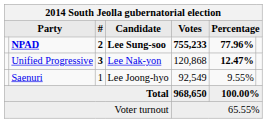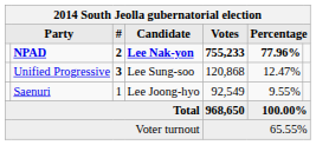 <table class="wikitable">
 <tr>
 <th colspan="7">2014 South Jeolla gubernatorial election</th>
 </tr>
 <tr>
 <th style="background-color:#E9E9E9" colspan=2>Party</th>
 <th style="background-color:#E9E9E9">#</th>
 <th style="background-color:#E9E9E9">Candidate</th>
 <th style="background-color:#E9E9E9">Votes</th>
 <th style="background-color:#E9E9E9" colspan=2>Percentage</th>
 </tr>
 <tr style="font-weight:bold">
 <td></td>
 <td align=left><a href='#'>NPAD</a></td>
 <td align=center>2</td>
-<td align=left>Lee Sung-soo</td>
+<td align=left><a href='#'>Lee Nak-yon</a></td>
 <td align=right>755,233</td>
 <td align=right>77.96%</td>
 <td align=right></td>
 </tr>
 <tr>
 <td></td>
 <td align=left><a href='#'>Unified Progressive</a></td>
 <td align=center><strong>3</strong></td>
-<td align=left><a href='#'>Lee Nak-yon</a></td>
+<td align=left>Lee Sung-soo</td>
 <td align=right>120,868</td>
-<td align=right><strong>12.47%</strong></td>
+<td align=right>12.47%</td>
 <td align=right></td>
 </tr>
 <tr>
 <td></td>
 <td align=left><a href='#'>Saenuri</a></td>
 <td align=center>1</td>
 <td align=left>Lee Joong-hyo</td>
 <td align=right>92,549</td>
 <td align=right>9.55%</td>
 <td align=right></td>
 </tr>
 <tr bgcolor="#EEEEEE" style="font-weight:bold">
 <td colspan="4" align=right>Total</td>
 <td align=right>968,650</td>
 <td align=right colspan=2>100.00%</td>
 </tr>
 <tr bgcolor="#EEEEEE">
 <td colspan="4" align="right">Voter turnout</td>
 <td colspan="3" align="right">65.55%</td>
 </tr>
 </table>
